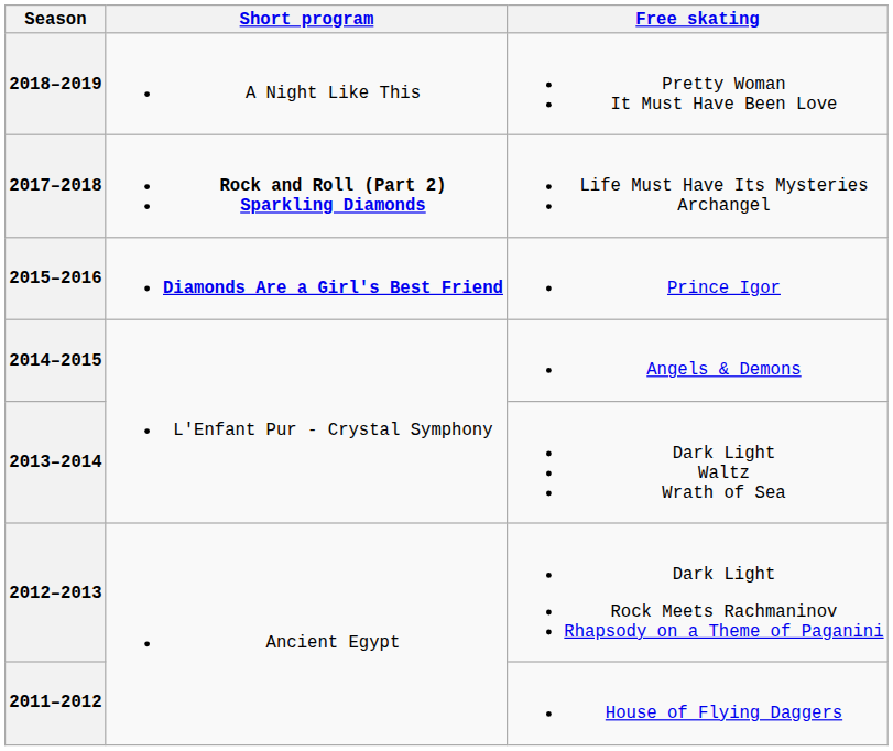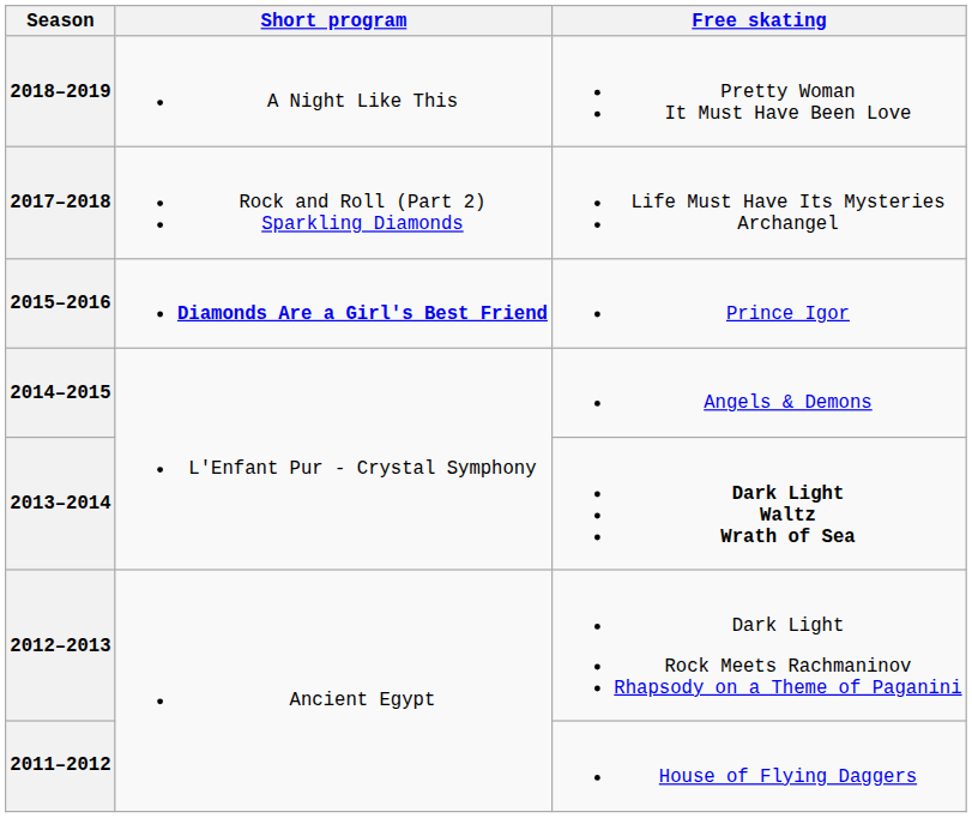 <table class=wikitable style=text-align:center>
 <tr>
 <th>Season</th>
 <th><a href='#'>Short program</a></th>
 <th><a href='#'>Free skating</a></th>
 </tr>
 <tr>
 <th>2018–2019</th>
 <td><br><ul><li>A Night Like This<br></li></ul></td>
 <td><br><ul><li>Pretty Woman <br></li><li>It Must Have Been Love<br></li></ul></td>
 </tr>
 <tr>
 <th>2017–2018 <br> </th>
-<td><strong><br><ul><li>Rock and Roll (Part 2) <br></li><li><a href='#'>Sparkling Diamonds</a> <br></li></ul></strong></td>
+<td><br><ul><li>Rock and Roll (Part 2) <br></li><li><a href='#'>Sparkling Diamonds</a> <br></li></ul></td>
 <td><br><ul><li>Life Must Have Its Mysteries <br></li><li>Archangel <br></li></ul></td>
 </tr>
 <tr>
 <th>2015–2016 <br> </th>
 <td><strong><br><ul><li><a href='#'>Diamonds Are a Girl's Best Friend</a> <br></li></ul></strong></td>
 <td><br><ul><li><a href='#'>Prince Igor</a> <br></li></ul></td>
 </tr>
 <tr>
 <th>2014–2015 <br> </th>
 <td rowspan=2><br><ul><li>L'Enfant Pur - Crystal Symphony <br></li></ul></td>
 <td><br><ul><li><a href='#'>Angels & Demons</a> <br></li></ul></td>
 </tr>
 <tr>
 <th>2013–2014 <br> </th>
-<td><br><ul><li>Dark Light <br></li><li>Waltz <br></li><li>Wrath of Sea <br></li></ul></td>
+<td><strong><br><ul><li>Dark Light <br></li><li>Waltz <br></li><li>Wrath of Sea <br></li></ul></strong></td>
 </tr>
 <tr>
 <th>2012–2013 <br> </th>
 <td rowspan=2><br><ul><li>Ancient Egypt</li></ul></td>
 <td><br><ul><li>Dark Light <br></li></ul><ul><li>Rock Meets Rachmaninov <br></li><li><a href='#'>Rhapsody on a Theme of Paganini</a> <br></li></ul></td>
 </tr>
 <tr>
 <th>2011–2012 <br> </th>
 <td><br><ul><li><a href='#'>House of Flying Daggers</a> <br></li></ul></td>
 </tr>
 </table>
